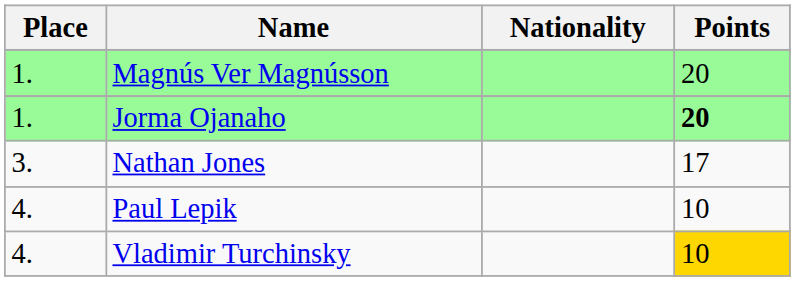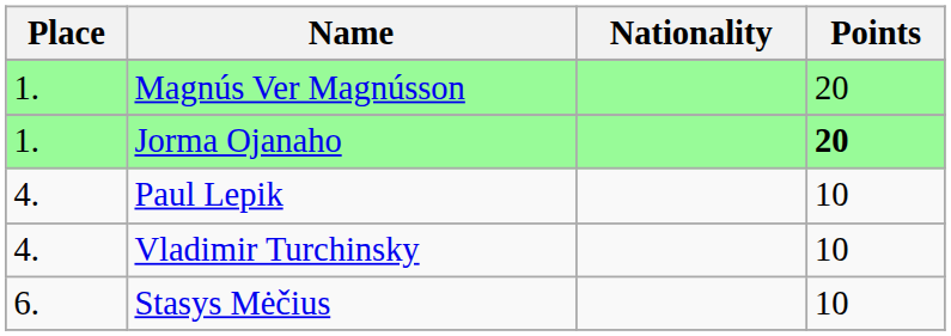 <table class="wikitable" style="display: inline-table; width: 50%;">
 <tr>
 <th>Place</th>
 <th>Name</th>
 <th>Nationality</th>
 <th>Points</th>
 </tr>
 <tr>
 </tr>
 <tr style="background:palegreen">
 <td>1.</td>
 <td><a href='#'>Magnús Ver Magnússon</a></td>
 <td></td>
 <td>20</td>
 </tr>
 <tr>
 </tr>
 <tr style="background:palegreen">
 <td>1.</td>
 <td><a href='#'>Jorma Ojanaho</a></td>
 <td></td>
 <td><strong>20</strong></td>
 </tr>
 <tr>
-<td>3.</td>
-<td><a href='#'>Nathan Jones</a></td>
-<td></td>
-<td>17</td>
-</tr>
-<tr>
 <td>4.</td>
 <td><a href='#'>Paul Lepik</a></td>
 <td></td>
 <td>10</td>
 </tr>
 <tr>
 <td>4.</td>
 <td><a href='#'>Vladimir Turchinsky</a></td>
 <td></td>
-<td style="background: gold;">10</td>
+<td>10</td>
+</tr>
+<tr>
+<td>6.</td>
+<td><a href='#'>Stasys Mėčius</a></td>
+<td></td>
+<td>10</td>
 </tr>
 </table>
